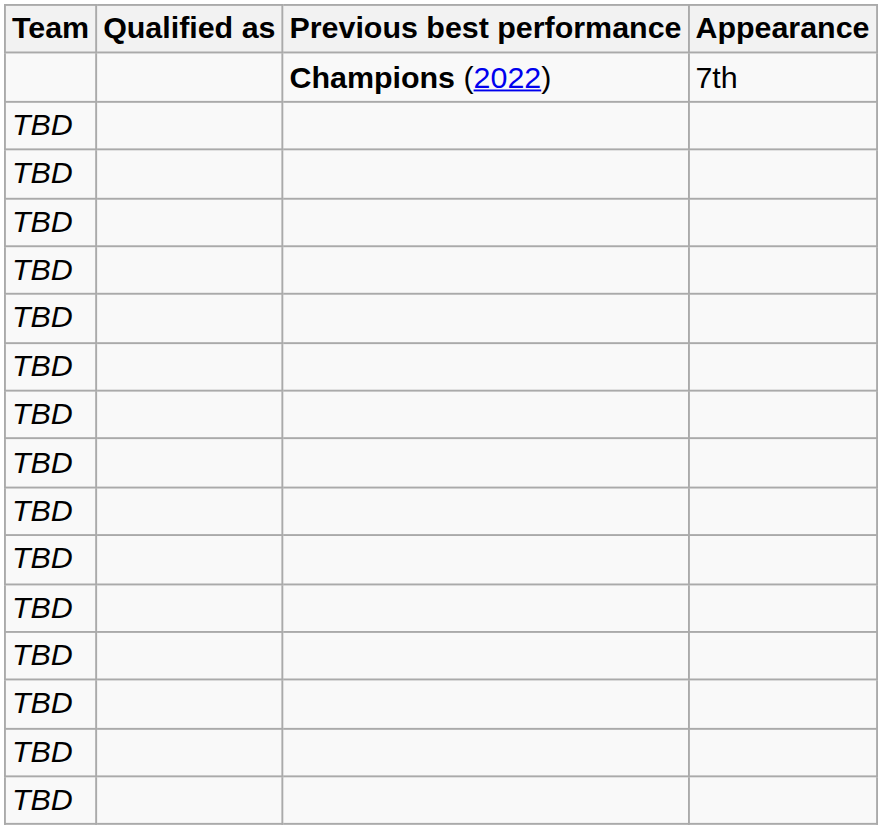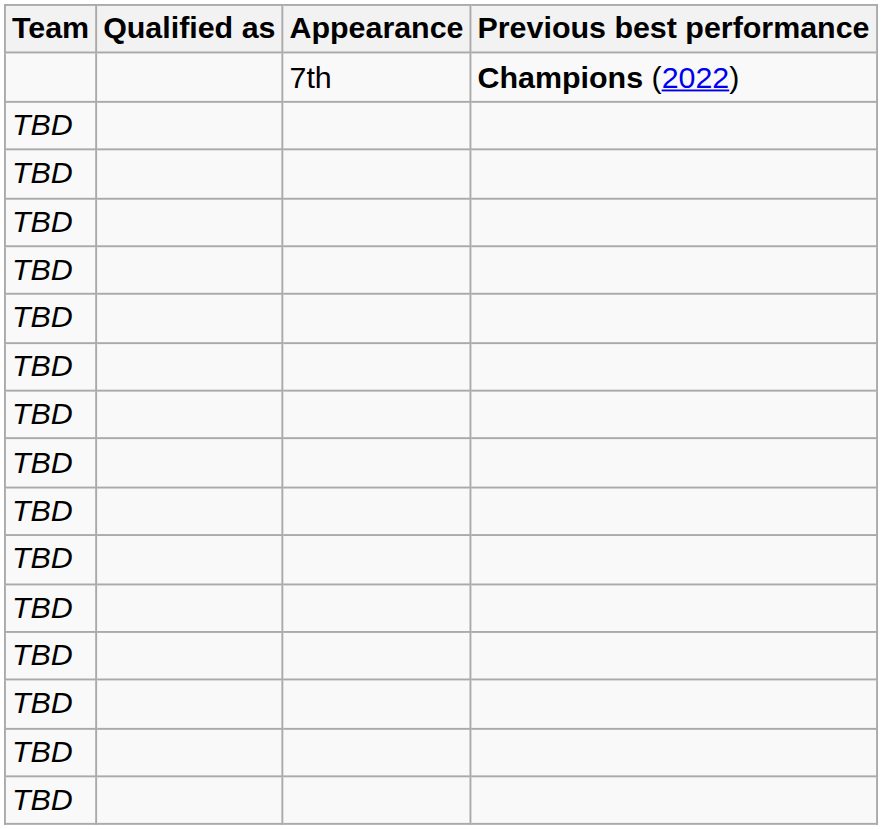 <table class="wikitable sortable">
 <tr>
 <th>Team</th>
 <th>Qualified as</th>
+<th data-sort-type="number">Appearance</th>
 <th>Previous best performance</th>
-<th data-sort-type="number">Appearance</th>
 </tr>
 <tr>
 <td></td>
 <td></td>
+<td>7th</td>
 <td><strong>Champions</strong> (<a href='#'>2022</a>)</td>
-<td>7th</td>
 </tr>
 <tr>
 <td><em>TBD</em></td>
 <td></td>
 <td></td>
 <td></td>
 </tr>
 <tr>
 <td><em>TBD</em></td>
 <td></td>
 <td></td>
 <td></td>
 </tr>
 <tr>
 <td><em>TBD</em></td>
 <td></td>
 <td></td>
 <td></td>
 </tr>
 <tr>
 <td><em>TBD</em></td>
 <td></td>
 <td></td>
 <td></td>
 </tr>
 <tr>
 <td><em>TBD</em></td>
 <td></td>
 <td></td>
 <td></td>
 </tr>
 <tr>
 <td><em>TBD</em></td>
 <td></td>
 <td></td>
 <td></td>
 </tr>
 <tr>
 <td><em>TBD</em></td>
 <td></td>
 <td></td>
 <td></td>
 </tr>
 <tr>
 <td><em>TBD</em></td>
 <td></td>
 <td></td>
 <td></td>
 </tr>
 <tr>
 <td><em>TBD</em></td>
 <td></td>
 <td></td>
 <td></td>
 </tr>
 <tr>
 <td><em>TBD</em></td>
 <td></td>
 <td></td>
 <td></td>
 </tr>
 <tr>
 <td><em>TBD</em></td>
 <td></td>
 <td></td>
 <td></td>
 </tr>
 <tr>
 <td><em>TBD</em></td>
 <td></td>
 <td></td>
 <td></td>
 </tr>
 <tr>
 <td><em>TBD</em></td>
 <td></td>
 <td></td>
 <td></td>
 </tr>
 <tr>
 <td><em>TBD</em></td>
 <td></td>
 <td></td>
 <td></td>
 </tr>
 <tr>
 <td><em>TBD</em></td>
 <td></td>
 <td></td>
 <td></td>
 </tr>
 </table>
